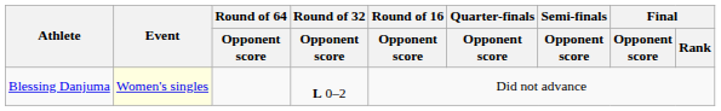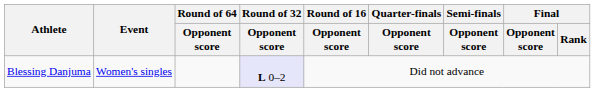 <table class="wikitable" style="font-size:90%; text-align:center">
 <tr>
 <th rowspan="2">Athlete</th>
 <th rowspan="2">Event</th>
 <th>Round of 64</th>
 <th>Round of 32</th>
 <th>Round of 16</th>
 <th>Quarter-finals</th>
 <th>Semi-finals</th>
 <th colspan="2">Final</th>
 </tr>
 <tr>
 <th>Opponent<br>score</th>
 <th>Opponent<br>score</th>
 <th>Opponent<br>score</th>
 <th>Opponent<br>score</th>
 <th>Opponent<br>score</th>
 <th>Opponent<br>score</th>
 <th>Rank</th>
 </tr>
 <tr>
 <td align="left"><a href='#'>Blessing Danjuma</a></td>
-<td align="left" style="background: lightyellow;"><a href='#'>Women's singles</a></td>
+<td align="left"><a href='#'>Women's singles</a></td>
 <td></td>
-<td><br><strong>L</strong> 0–2</td>
+<td style="background: lavender;"><br><strong>L</strong> 0–2</td>
 <td colspan="6">Did not advance</td>
 </tr>
 </table>
